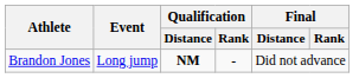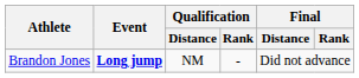 <table class="wikitable" style="font-size:90%; text-align:center">
 <tr>
 <th rowspan=2>Athlete</th>
 <th rowspan=2>Event</th>
 <th colspan=2>Qualification</th>
 <th colspan=2>Final</th>
 </tr>
 <tr style="font-size:95%">
 <th>Distance</th>
 <th>Rank</th>
 <th>Distance</th>
 <th>Rank</th>
 </tr>
 <tr>
 <td align=left><a href='#'>Brandon Jones</a></td>
-<td align=left rowspan=1><a href='#'>Long jump</a></td>
-<td><strong>NM</strong></td>
+<td align=left rowspan=1><strong><a href='#'>Long jump</a></strong></td>
+<td>NM</td>
 <td>-</td>
 <td colspan="2">Did not advance</td>
 </tr>
 </table>
